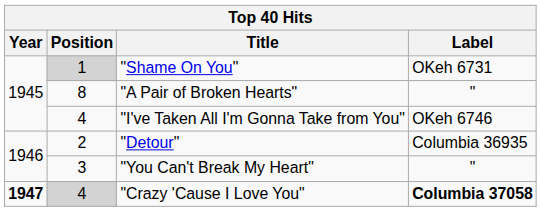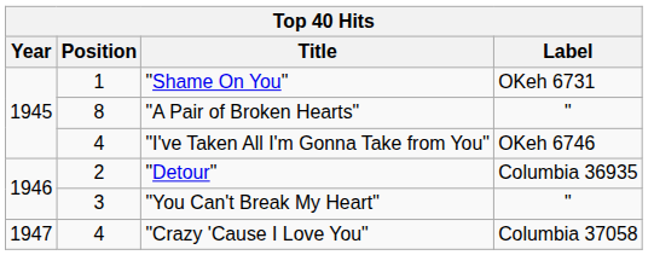 <table class="wikitable" style="float:left">
 <tr>
 <th colspan="4">Top 40 Hits</th>
 </tr>
 <tr>
 <th>Year</th>
 <th>Position</th>
 <th>Title</th>
 <th>Label</th>
 </tr>
 <tr>
 <td rowspan="3">1945</td>
-<td style="background: lightgrey; text-align:center;">1</td>
+<td style="text-align:center;">1</td>
 <td>"<a href='#'>Shame On You</a>"</td>
 <td>OKeh 6731</td>
 </tr>
 <tr>
 <td style="text-align:center;">8</td>
 <td>"A Pair of Broken Hearts"</td>
 <td style="text-align:center;">"</td>
 </tr>
 <tr>
 <td style="text-align:center;">4</td>
 <td>"I've Taken All I'm Gonna Take from You"</td>
 <td>OKeh 6746</td>
 </tr>
 <tr>
 <td rowspan="2">1946</td>
 <td style="text-align:center;">2</td>
 <td>"<a href='#'>Detour</a>"</td>
 <td>Columbia 36935</td>
 </tr>
 <tr>
 <td style="text-align:center;">3</td>
 <td>"You Can't Break My Heart"</td>
 <td style="text-align:center;">"</td>
 </tr>
 <tr>
-<td><strong>1947</strong></td>
-<td style="background: lightgrey; text-align:center;">4</td>
+<td>1947</td>
+<td style="text-align:center;">4</td>
 <td>"Crazy 'Cause I Love You"</td>
-<td><strong>Columbia 37058</strong></td>
+<td>Columbia 37058</td>
 </tr>
 </table>
